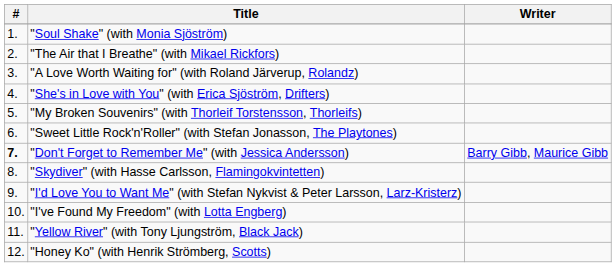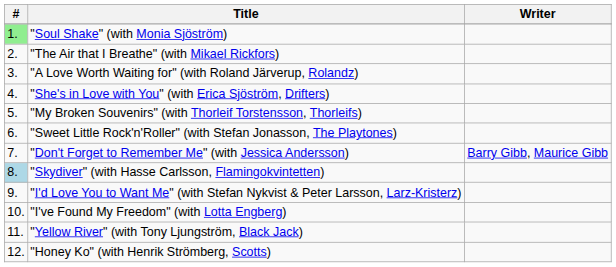 <table class="wikitable">
 <tr>
 <th>#</th>
 <th>Title</th>
 <th>Writer</th>
 </tr>
 <tr bgcolor="#ebf5ff">
 </tr>
 <tr>
-<td>1.</td>
+<td style="background: lightgreen;">1.</td>
 <td>"<a href='#'>Soul Shake</a>" (with <a href='#'>Monia Sjöström</a>)</td>
 <td></td>
 </tr>
 <tr>
 <td>2.</td>
 <td>"The Air that I Breathe" (with <a href='#'>Mikael Rickfors</a>)</td>
 <td></td>
 </tr>
 <tr>
 <td>3.</td>
 <td>"A Love Worth Waiting for" (with Roland Järverup, <a href='#'>Rolandz</a>)</td>
 <td></td>
 </tr>
 <tr>
 <td>4.</td>
 <td>"<a href='#'>She's in Love with You</a>" (with <a href='#'>Erica Sjöström</a>, <a href='#'>Drifters</a>)</td>
 <td></td>
 </tr>
 <tr>
 <td>5.</td>
 <td>"My Broken Souvenirs" (with <a href='#'>Thorleif Torstensson</a>, <a href='#'>Thorleifs</a>)</td>
 <td></td>
 </tr>
 <tr>
 <td>6.</td>
 <td>"Sweet Little Rock'n'Roller" (with Stefan Jonasson, <a href='#'>The Playtones</a>)</td>
 <td></td>
 </tr>
 <tr>
-<td><strong>7.</strong></td>
+<td>7.</td>
 <td>"<a href='#'>Don't Forget to Remember Me</a>" (with <a href='#'>Jessica Andersson</a>)</td>
 <td><a href='#'>Barry Gibb</a>, <a href='#'>Maurice Gibb</a></td>
 </tr>
 <tr>
-<td>8.</td>
+<td style="background: lightblue;">8.</td>
 <td>"<a href='#'>Skydiver</a>" (with Hasse Carlsson, <a href='#'>Flamingokvintetten</a>)</td>
 <td></td>
 </tr>
 <tr>
 <td>9.</td>
 <td>"<a href='#'>I'd Love You to Want Me</a>" (with Stefan Nykvist & Peter Larsson, <a href='#'>Larz-Kristerz</a>)</td>
 <td></td>
 </tr>
 <tr>
 <td>10.</td>
 <td>"I've Found My Freedom" (with <a href='#'>Lotta Engberg</a>)</td>
 <td></td>
 </tr>
 <tr>
 <td>11.</td>
 <td>"<a href='#'>Yellow River</a>" (with Tony Ljungström, <a href='#'>Black Jack</a>)</td>
 <td></td>
 </tr>
 <tr>
 <td>12.</td>
 <td>"Honey Ko" (with Henrik Strömberg, <a href='#'>Scotts</a>)</td>
 <td></td>
 </tr>
 </table>
